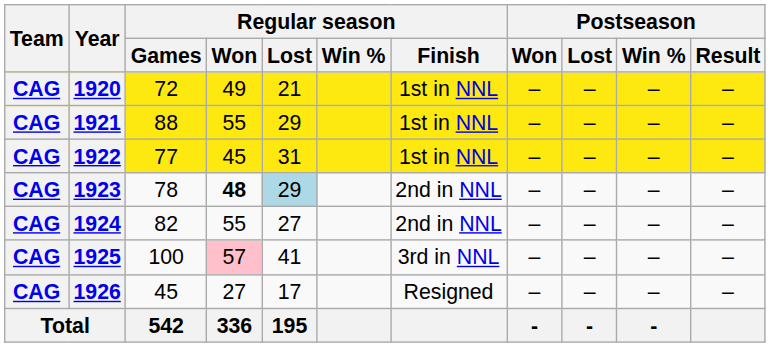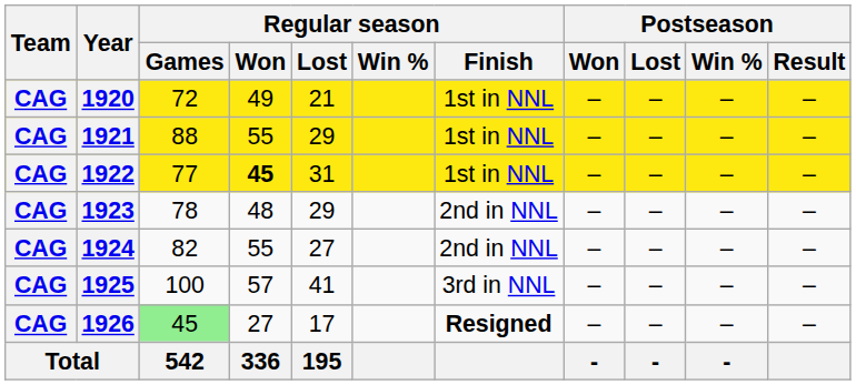 <table class="wikitable" style="font-size: 95%; text-align:center;">
 <tr>
 <th rowspan="2">Team</th>
 <th rowspan="2">Year</th>
 <th colspan="5">Regular season</th>
 <th colspan="4">Postseason</th>
 </tr>
 <tr>
 <th>Games</th>
 <th>Won</th>
 <th>Lost</th>
 <th>Win %</th>
 <th>Finish</th>
 <th>Won</th>
 <th>Lost</th>
 <th>Win %</th>
 <th>Result</th>
 </tr>
 <tr style="background:#fde910">
 <th><a href='#'>CAG</a></th>
 <th><a href='#'>1920</a></th>
 <td>72</td>
 <td>49</td>
 <td>21</td>
 <td></td>
 <td>1st in <a href='#'>NNL</a></td>
 <td>–</td>
 <td>–</td>
 <td>–</td>
 <td>–</td>
 </tr>
 <tr style="background:#fde910">
 <th><a href='#'>CAG</a></th>
 <th><a href='#'>1921</a></th>
 <td>88</td>
 <td>55</td>
 <td>29</td>
 <td></td>
 <td>1st in <a href='#'>NNL</a></td>
 <td>–</td>
 <td>–</td>
 <td>–</td>
 <td>–</td>
 </tr>
 <tr style="background:#fde910">
 <th><a href='#'>CAG</a></th>
 <th><a href='#'>1922</a></th>
 <td>77</td>
-<td>45</td>
+<td><strong>45</strong></td>
 <td>31</td>
 <td></td>
 <td>1st in <a href='#'>NNL</a></td>
 <td>–</td>
 <td>–</td>
 <td>–</td>
 <td>–</td>
 </tr>
 <tr>
 <th><a href='#'>CAG</a></th>
 <th><a href='#'>1923</a></th>
 <td>78</td>
-<td><strong>48</strong></td>
-<td style="background: lightblue;">29</td>
+<td>48</td>
+<td>29</td>
 <td></td>
 <td>2nd in <a href='#'>NNL</a></td>
 <td>–</td>
 <td>–</td>
 <td>–</td>
 <td>–</td>
 </tr>
 <tr>
 <th><a href='#'>CAG</a></th>
 <th><a href='#'>1924</a></th>
 <td>82</td>
 <td>55</td>
 <td>27</td>
 <td></td>
 <td>2nd in <a href='#'>NNL</a></td>
 <td>–</td>
 <td>–</td>
 <td>–</td>
 <td>–</td>
 </tr>
 <tr>
 <th><a href='#'>CAG</a></th>
 <th><a href='#'>1925</a></th>
 <td>100</td>
-<td style="background: pink;">57</td>
+<td>57</td>
 <td>41</td>
 <td></td>
 <td>3rd in <a href='#'>NNL</a></td>
 <td>–</td>
 <td>–</td>
 <td>–</td>
 <td>–</td>
 </tr>
 <tr>
 <th><a href='#'>CAG</a></th>
 <th><a href='#'>1926</a></th>
-<td>45</td>
+<td style="background: lightgreen;">45</td>
 <td>27</td>
 <td>17</td>
 <td></td>
-<td>Resigned</td>
+<td><strong>Resigned</strong></td>
 <td>–</td>
 <td>–</td>
 <td>–</td>
 <td>–</td>
 </tr>
 <tr>
 <th colspan="2">Total</th>
 <th>542</th>
 <th>336</th>
 <th>195</th>
 <th></th>
 <th></th>
 <th>-</th>
 <th>-</th>
 <th>-</th>
 <th></th>
 </tr>
 </table>
